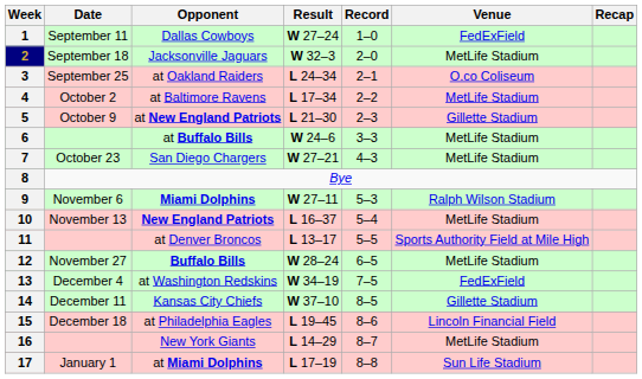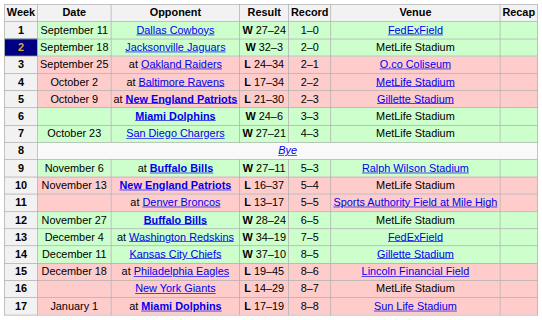 <table class="wikitable" style="text-align:center">
 <tr>
 <th>Week</th>
 <th>Date</th>
 <th>Opponent</th>
 <th>Result</th>
 <th>Record</th>
 <th>Venue</th>
 <th>Recap</th>
 </tr>
 <tr style="background:#cfc">
 <th>1</th>
 <td>September 11</td>
 <td><a href='#'>Dallas Cowboys</a></td>
 <td><strong>W</strong> 27–24</td>
 <td>1–0</td>
 <td><a href='#'>FedExField</a></td>
 <td></td>
 </tr>
 <tr style="background:#cfc">
 <th style="background:#000080; color:#d4af37">2</th>
 <td>September 18</td>
 <td><a href='#'>Jacksonville Jaguars</a></td>
 <td><strong>W</strong> 32–3</td>
 <td>2–0</td>
 <td>MetLife Stadium</td>
 <td></td>
 </tr>
 <tr style="background:#fcc">
 <th>3</th>
 <td>September 25</td>
 <td>at <a href='#'>Oakland Raiders</a></td>
 <td><strong>L</strong> 24–34</td>
 <td>2–1</td>
 <td><a href='#'>O.co Coliseum</a></td>
 <td></td>
 </tr>
 <tr style="background:#fcc">
 <th>4</th>
 <td>October 2</td>
 <td>at <a href='#'>Baltimore Ravens</a></td>
 <td><strong>L</strong> 17–34</td>
 <td>2–2</td>
 <td><a href='#'>MetLife Stadium</a></td>
 <td></td>
 </tr>
 <tr style="background:#fcc">
 <th>5</th>
 <td>October 9</td>
 <td>at <strong><a href='#'>New England Patriots</a></strong></td>
 <td><strong>L</strong> 21–30</td>
 <td>2–3</td>
 <td><a href='#'>Gillette Stadium</a></td>
 <td></td>
 </tr>
 <tr style="background:#cfc">
 <th>6</th>
 <td></td>
-<td>at <strong><a href='#'>Buffalo Bills</a></strong></td>
+<td><strong><a href='#'>Miami Dolphins</a></strong></td>
 <td><strong>W</strong> 24–6</td>
 <td>3–3</td>
 <td>MetLife Stadium</td>
 <td></td>
 </tr>
 <tr style="background:#cfc">
 <th>7</th>
 <td>October 23</td>
 <td><a href='#'>San Diego Chargers</a></td>
 <td><strong>W</strong> 27–21</td>
 <td>4–3</td>
 <td>MetLife Stadium</td>
 <td></td>
 </tr>
 <tr>
 <th>8</th>
 <td colspan="6"><em><a href='#'>Bye</a></em></td>
 </tr>
 <tr style="background:#cfc">
 <th>9</th>
 <td>November 6</td>
-<td><strong><a href='#'>Miami Dolphins</a></strong></td>
+<td>at <strong><a href='#'>Buffalo Bills</a></strong></td>
 <td><strong>W</strong> 27–11</td>
 <td>5–3</td>
 <td><a href='#'>Ralph Wilson Stadium</a></td>
 <td></td>
 </tr>
 <tr style="background:#fcc">
 <th>10</th>
 <td>November 13</td>
 <td><strong><a href='#'>New England Patriots</a></strong></td>
 <td><strong>L</strong> 16–37</td>
 <td>5–4</td>
 <td>MetLife Stadium</td>
 <td></td>
 </tr>
 <tr style="background:#fcc">
 <th>11</th>
 <td></td>
 <td>at <a href='#'>Denver Broncos</a></td>
 <td><strong>L</strong> 13–17</td>
 <td>5–5</td>
 <td><a href='#'>Sports Authority Field at Mile High</a></td>
 <td></td>
 </tr>
 <tr style="background:#cfc">
 <th>12</th>
 <td>November 27</td>
 <td><strong><a href='#'>Buffalo Bills</a></strong></td>
 <td><strong>W</strong> 28–24</td>
 <td>6–5</td>
 <td>MetLife Stadium</td>
 <td></td>
 </tr>
 <tr style="background:#cfc">
 <th>13</th>
 <td>December 4</td>
 <td>at <a href='#'>Washington Redskins</a></td>
 <td><strong>W</strong> 34–19</td>
 <td>7–5</td>
 <td><a href='#'>FedExField</a></td>
 <td></td>
 </tr>
 <tr style="background:#cfc">
 <th>14</th>
 <td>December 11</td>
 <td><a href='#'>Kansas City Chiefs</a></td>
 <td><strong>W</strong> 37–10</td>
 <td>8–5</td>
 <td><a href='#'>Gillette Stadium</a></td>
 <td></td>
 </tr>
 <tr style="background:#fcc">
 <th>15</th>
 <td>December 18</td>
 <td>at <a href='#'>Philadelphia Eagles</a></td>
 <td><strong>L</strong> 19–45</td>
 <td>8–6</td>
 <td><a href='#'>Lincoln Financial Field</a></td>
 <td></td>
 </tr>
 <tr style="background:#fcc">
 <th>16</th>
 <td></td>
 <td><a href='#'>New York Giants</a></td>
 <td><strong>L</strong> 14–29</td>
 <td>8–7</td>
 <td>MetLife Stadium</td>
 <td></td>
 </tr>
 <tr style="background:#fcc">
 <th>17</th>
 <td>January 1</td>
 <td>at <strong><a href='#'>Miami Dolphins</a></strong></td>
 <td><strong>L</strong> 17–19</td>
 <td>8–8</td>
 <td><a href='#'>Sun Life Stadium</a></td>
 <td></td>
 </tr>
 </table>
